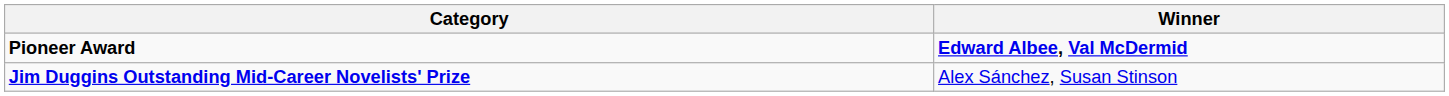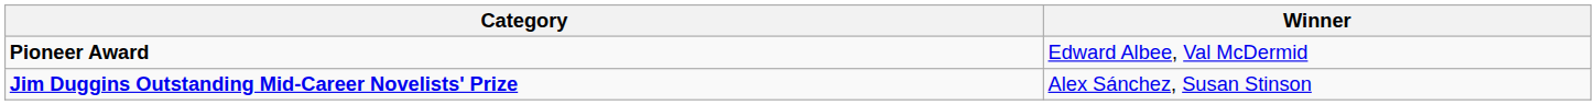 <table class="wikitable" width="100%">
 <tr>
 <th>Category</th>
 <th>Winner</th>
 </tr>
 <tr>
 <td><strong>Pioneer Award</strong></td>
-<td><strong><a href='#'>Edward Albee</a>, <a href='#'>Val McDermid</a></strong></td>
+<td><a href='#'>Edward Albee</a>, <a href='#'>Val McDermid</a></td>
 </tr>
 <tr>
 <td><strong><a href='#'>Jim Duggins Outstanding Mid-Career Novelists' Prize</a></strong></td>
 <td><a href='#'>Alex Sánchez</a>, <a href='#'>Susan Stinson</a></td>
 </tr>
 </table>
